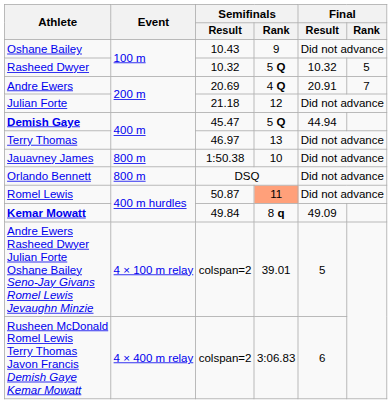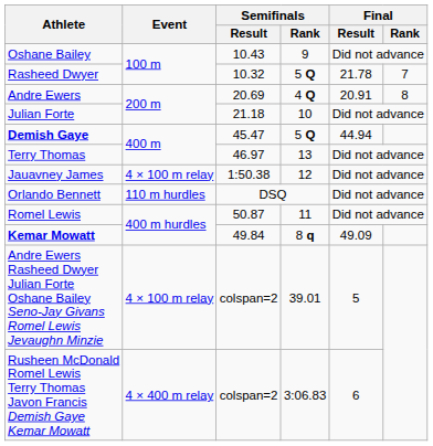 <table class=wikitable style="font-size:90%">
 <tr>
 <th rowspan="2">Athlete</th>
 <th rowspan="2">Event</th>
 <th colspan="2">Semifinals</th>
 <th colspan="2">Final</th>
 </tr>
 <tr style="font-size:95%">
 <th>Result</th>
 <th>Rank</th>
 <th>Result</th>
 <th>Rank</th>
 </tr>
 <tr align=center>
 <td align=left><a href='#'>Oshane Bailey</a></td>
 <td align=left rowspan=2><a href='#'>100 m</a></td>
 <td>10.43</td>
 <td>9</td>
 <td colspan=2>Did not advance</td>
 </tr>
 <tr align=center>
 <td align=left><a href='#'>Rasheed Dwyer</a></td>
 <td>10.32</td>
 <td>5 <strong>Q</strong></td>
-<td>10.32</td>
-<td>5</td>
+<td>21.78</td>
+<td>7</td>
 </tr>
 <tr align=center>
 <td align=left><a href='#'>Andre Ewers</a></td>
 <td align=left rowspan=2><a href='#'>200 m</a></td>
 <td>20.69</td>
 <td>4 <strong>Q</strong></td>
 <td>20.91</td>
-<td>7</td>
+<td>8</td>
 </tr>
 <tr align=center>
 <td align=left><a href='#'>Julian Forte</a></td>
 <td>21.18</td>
-<td>12</td>
+<td>10</td>
 <td colspan=2>Did not advance</td>
 </tr>
 <tr align=center>
 <td align=left><strong><a href='#'>Demish Gaye</a></strong></td>
 <td align=left rowspan=2><a href='#'>400 m</a></td>
 <td>45.47</td>
 <td>5 <strong>Q</strong></td>
 <td>44.94</td>
 <td></td>
 </tr>
 <tr align=center>
 <td align=left><a href='#'>Terry Thomas</a></td>
 <td>46.97</td>
 <td>13</td>
 <td colspan=2>Did not advance</td>
 </tr>
 <tr align=center>
 <td align=left><a href='#'>Jauavney James</a></td>
-<td align=left><a href='#'>800 m</a></td>
+<td align=left><a href='#'>4 × 100 m relay</a></td>
 <td>1:50.38</td>
-<td>10</td>
+<td>12</td>
 <td colspan=2>Did not advance</td>
 </tr>
 <tr align=center>
 <td align=left><a href='#'>Orlando Bennett</a></td>
-<td align=left><a href='#'>800 m</a></td>
+<td align=left><a href='#'>110 m hurdles</a></td>
 <td colspan=2>DSQ</td>
 <td colspan=2>Did not advance</td>
 </tr>
 <tr align=center>
 <td align=left><a href='#'>Romel Lewis</a></td>
 <td align=left rowspan=2><a href='#'>400 m hurdles</a></td>
 <td>50.87</td>
-<td style="background: lightsalmon;">11</td>
+<td>11</td>
 <td colspan=2>Did not advance</td>
 </tr>
 <tr align=center>
 <td align=left><strong><a href='#'>Kemar Mowatt</a></strong></td>
 <td>49.84</td>
 <td>8 <strong>q</strong></td>
 <td>49.09</td>
 <td></td>
 </tr>
 <tr align=center>
 <td align=left><a href='#'>Andre Ewers</a><br><a href='#'>Rasheed Dwyer</a><br><a href='#'>Julian Forte</a><br><a href='#'>Oshane Bailey</a><br><em><a href='#'>Seno-Jay Givans</a><br><a href='#'>Romel Lewis</a><br><a href='#'>Jevaughn Minzie</a></em></td>
 <td align=left><a href='#'>4 × 100 m relay</a></td>
 <td>colspan=2 </td>
 <td>39.01</td>
 <td>5</td>
 </tr>
 <tr align=center>
 <td align=left><a href='#'>Rusheen McDonald</a><br><a href='#'>Romel Lewis</a><br><a href='#'>Terry Thomas</a><br><a href='#'>Javon Francis</a><br><em><a href='#'>Demish Gaye</a><br><a href='#'>Kemar Mowatt</a></em></td>
 <td align=left><a href='#'>4 × 400 m relay</a></td>
 <td>colspan=2 </td>
 <td>3:06.83</td>
 <td>6</td>
 </tr>
 </table>
